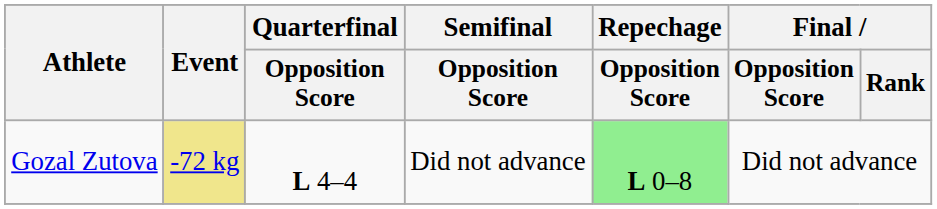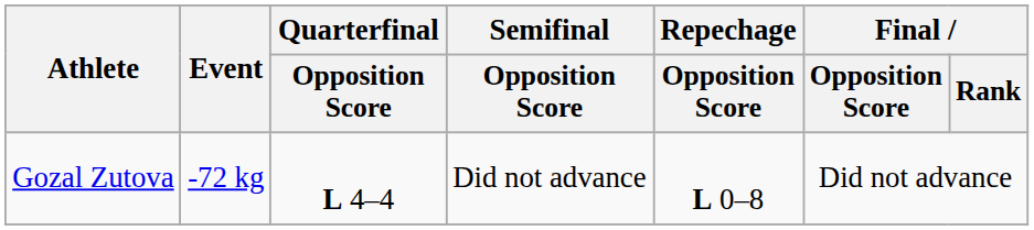 <table class="wikitable" style="font-size:90%">
 <tr>
 <th rowspan="2">Athlete</th>
 <th rowspan="2">Event</th>
 <th>Quarterfinal</th>
 <th>Semifinal</th>
 <th>Repechage</th>
 <th colspan=2>Final / </th>
 </tr>
 <tr style="font-size:95%">
 <th>Opposition <br> Score</th>
 <th>Opposition <br> Score</th>
 <th>Opposition <br> Score</th>
 <th>Opposition <br> Score</th>
 <th>Rank</th>
 </tr>
 <tr align=center>
 <td align=left><a href='#'>Gozal Zutova</a></td>
-<td align=left style="background: khaki;"><a href='#'>-72 kg</a></td>
+<td align=left><a href='#'>-72 kg</a></td>
 <td><br><strong>L</strong> 4–4 <sup></sup></td>
 <td>Did not advance</td>
-<td style="background: lightgreen;"><br><strong>L</strong> 0–8 <sup></sup></td>
+<td><br><strong>L</strong> 0–8 <sup></sup></td>
 <td colspan=2>Did not advance</td>
 </tr>
 </table>
